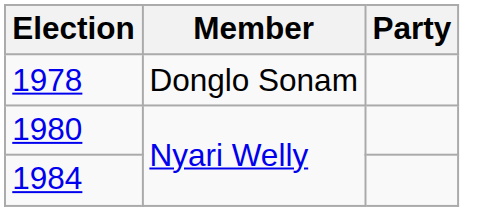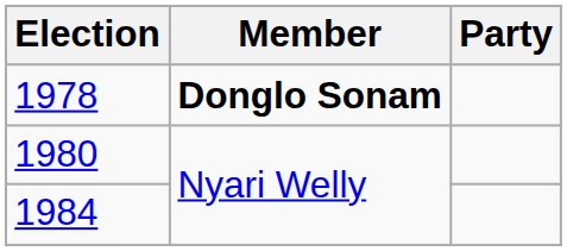 <table class="wikitable sortable">
 <tr>
 <th>Election</th>
 <th>Member</th>
 <th colspan=2>Party</th>
 </tr>
 <tr>
 <td><a href='#'>1978</a></td>
-<td>Donglo Sonam</td>
+<td><strong>Donglo Sonam</strong></td>
 <td></td>
 </tr>
 <tr>
 <td><a href='#'>1980</a></td>
 <td rowspan=2><a href='#'>Nyari Welly</a></td>
 <td></td>
 </tr>
 <tr>
 <td><a href='#'>1984</a></td>
 <td></td>
 </tr>
 </table>
